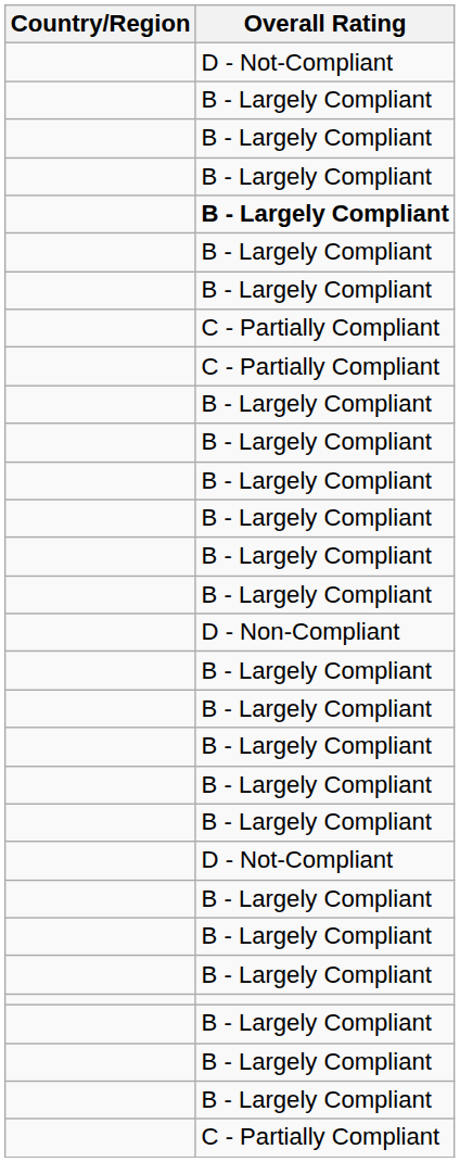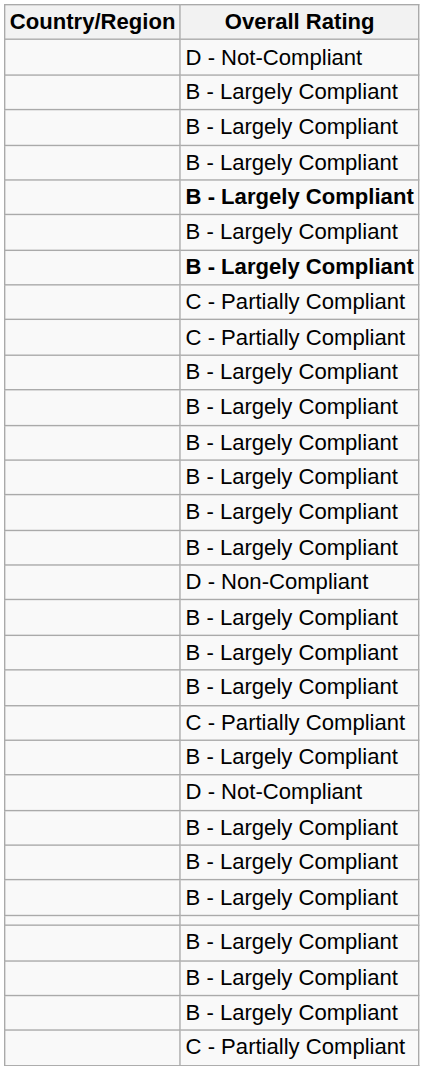 <table class="wikitable sortable">
 <tr>
 <th style="width:2em;">Country/Region</th>
 <th>Overall Rating</th>
 </tr>
 <tr>
 <td></td>
 <td>D - Not-Compliant</td>
 </tr>
 <tr>
 <td></td>
 <td>B - Largely Compliant</td>
 </tr>
 <tr>
 <td></td>
 <td>B - Largely Compliant</td>
 </tr>
 <tr>
 <td></td>
 <td>B - Largely Compliant</td>
 </tr>
 <tr>
 <td></td>
 <td><strong>B - Largely Compliant</strong></td>
 </tr>
 <tr>
 <td></td>
 <td>B - Largely Compliant</td>
 </tr>
 <tr>
 <td></td>
-<td>B - Largely Compliant</td>
+<td><strong>B - Largely Compliant</strong></td>
 </tr>
 <tr>
 <td></td>
 <td>C - Partially Compliant</td>
 </tr>
 <tr>
 <td></td>
 <td>C - Partially Compliant</td>
 </tr>
 <tr>
 <td></td>
 <td>B - Largely Compliant</td>
 </tr>
 <tr>
 <td></td>
 <td>B - Largely Compliant</td>
 </tr>
 <tr>
 <td></td>
 <td>B - Largely Compliant</td>
 </tr>
 <tr>
 <td></td>
 <td>B - Largely Compliant</td>
 </tr>
 <tr>
 <td></td>
 <td>B - Largely Compliant</td>
 </tr>
 <tr>
 <td></td>
 <td>B - Largely Compliant</td>
 </tr>
 <tr>
 <td></td>
 <td>D - Non-Compliant</td>
 </tr>
 <tr>
 <td></td>
 <td>B - Largely Compliant</td>
 </tr>
 <tr>
 <td></td>
 <td>B - Largely Compliant</td>
 </tr>
 <tr>
 <td></td>
 <td>B - Largely Compliant</td>
 </tr>
 <tr>
 <td></td>
-<td>B - Largely Compliant</td>
+<td>C - Partially Compliant</td>
 </tr>
 <tr>
 <td></td>
 <td>B - Largely Compliant</td>
 </tr>
 <tr>
 <td></td>
 <td>D - Not-Compliant</td>
 </tr>
 <tr>
 <td></td>
 <td>B - Largely Compliant</td>
 </tr>
 <tr>
 <td></td>
 <td>B - Largely Compliant</td>
 </tr>
 <tr>
 <td></td>
 <td>B - Largely Compliant</td>
 </tr>
 <tr>
 <td></td>
 </tr>
 <tr>
 <td></td>
 <td>B - Largely Compliant</td>
 </tr>
 <tr>
 <td></td>
 <td>B - Largely Compliant</td>
 </tr>
 <tr>
 <td></td>
 <td>B - Largely Compliant</td>
 </tr>
 <tr>
 <td></td>
 <td>C - Partially Compliant</td>
 </tr>
 <tr>
 </tr>
 </table>
